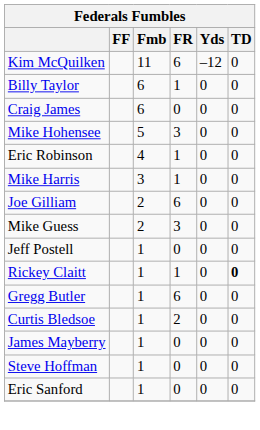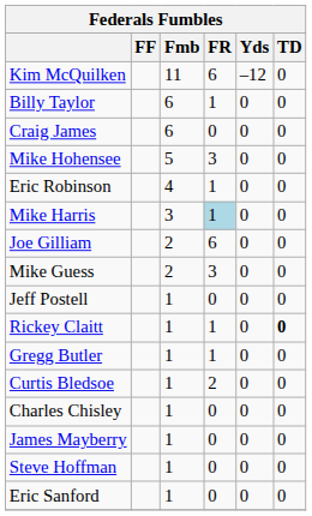 <table class="wikitable">
 <tr>
 <th colspan="6">Federals Fumbles</th>
 </tr>
 <tr>
 <th></th>
 <th>FF</th>
 <th>Fmb</th>
 <th>FR</th>
 <th>Yds</th>
 <th>TD</th>
 </tr>
 <tr>
 <td><a href='#'>Kim McQuilken</a></td>
 <td></td>
 <td>11</td>
 <td>6</td>
 <td>–12</td>
 <td>0</td>
 </tr>
 <tr>
 <td><a href='#'>Billy Taylor</a></td>
 <td></td>
 <td>6</td>
 <td>1</td>
 <td>0</td>
 <td>0</td>
 </tr>
 <tr>
 <td><a href='#'>Craig James</a></td>
 <td></td>
 <td>6</td>
 <td>0</td>
 <td>0</td>
 <td>0</td>
 </tr>
 <tr>
 <td><a href='#'>Mike Hohensee</a></td>
 <td></td>
 <td>5</td>
 <td>3</td>
 <td>0</td>
 <td>0</td>
 </tr>
 <tr>
 <td>Eric Robinson</td>
 <td></td>
 <td>4</td>
 <td>1</td>
 <td>0</td>
 <td>0</td>
 </tr>
 <tr>
 <td><a href='#'>Mike Harris</a></td>
 <td></td>
 <td>3</td>
-<td>1</td>
+<td style="background: lightblue;">1</td>
 <td>0</td>
 <td>0</td>
 </tr>
 <tr>
 <td><a href='#'>Joe Gilliam</a></td>
 <td></td>
 <td>2</td>
 <td>6</td>
 <td>0</td>
 <td>0</td>
 </tr>
 <tr>
 <td>Mike Guess</td>
 <td></td>
 <td>2</td>
 <td>3</td>
 <td>0</td>
 <td>0</td>
 </tr>
 <tr>
 <td>Jeff Postell</td>
 <td></td>
 <td>1</td>
 <td>0</td>
 <td>0</td>
 <td>0</td>
 </tr>
 <tr>
 <td><a href='#'>Rickey Claitt</a></td>
 <td></td>
 <td>1</td>
 <td>1</td>
 <td>0</td>
 <td><strong>0</strong></td>
 </tr>
 <tr>
 <td><a href='#'>Gregg Butler</a></td>
 <td></td>
 <td>1</td>
-<td>6</td>
+<td>1</td>
 <td>0</td>
 <td>0</td>
 </tr>
 <tr>
 <td><a href='#'>Curtis Bledsoe</a></td>
 <td></td>
 <td>1</td>
 <td>2</td>
+<td>0</td>
+<td>0</td>
+</tr>
+<tr>
+<td>Charles Chisley</td>
+<td></td>
+<td>1</td>
+<td>0</td>
 <td>0</td>
 <td>0</td>
 </tr>
 <tr>
 <td><a href='#'>James Mayberry</a></td>
 <td></td>
 <td>1</td>
 <td>0</td>
 <td>0</td>
 <td>0</td>
 </tr>
 <tr>
 <td><a href='#'>Steve Hoffman</a></td>
 <td></td>
 <td>1</td>
 <td>0</td>
 <td>0</td>
 <td>0</td>
 </tr>
 <tr>
 <td>Eric Sanford</td>
 <td></td>
 <td>1</td>
 <td>0</td>
 <td>0</td>
 <td>0</td>
 </tr>
 <tr>
 </tr>
 </table>
